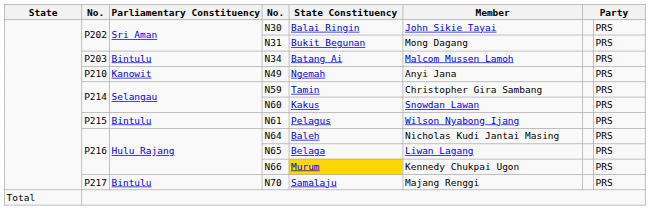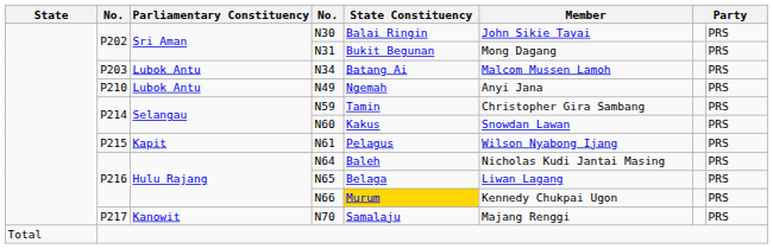 <table class="wikitable sortable">
 <tr>
 <th style="width:100px">State</th>
 <th>No.</th>
 <th>Parliamentary Constituency</th>
 <th style="width:30px">No.</th>
 <th style="width:150px">State Constituency</th>
 <th style="width:240px">Member</th>
 <th colspan="2" style="width:80px">Party</th>
 </tr>
 <tr>
 <td rowspan="11"></td>
 <td rowspan="2">P202</td>
 <td rowspan="2"><a href='#'>Sri Aman</a></td>
 <td>N30</td>
 <td><a href='#'>Balai Ringin</a></td>
 <td><a href='#'>John Sikie Tayai</a></td>
 <td bgcolor=></td>
 <td>PRS</td>
 </tr>
 <tr>
 <td>N31</td>
 <td><a href='#'>Bukit Begunan</a></td>
 <td>Mong Dagang</td>
 <td bgcolor=></td>
 <td>PRS</td>
 </tr>
 <tr>
 <td>P203</td>
-<td><a href='#'>Bintulu</a></td>
+<td><a href='#'>Lubok Antu</a></td>
 <td>N34</td>
 <td><a href='#'>Batang Ai</a></td>
 <td><a href='#'>Malcom Mussen Lamoh</a></td>
 <td bgcolor=></td>
 <td>PRS</td>
 </tr>
 <tr>
 <td>P210</td>
-<td><a href='#'>Kanowit</a></td>
+<td><a href='#'>Lubok Antu</a></td>
 <td>N49</td>
 <td><a href='#'>Ngemah</a></td>
 <td>Anyi Jana</td>
 <td bgcolor=></td>
 <td>PRS</td>
 </tr>
 <tr>
 <td rowspan="2">P214</td>
 <td rowspan="2"><a href='#'>Selangau</a></td>
 <td>N59</td>
 <td><a href='#'>Tamin</a></td>
 <td>Christopher Gira Sambang</td>
 <td bgcolor=></td>
 <td>PRS</td>
 </tr>
 <tr>
 <td>N60</td>
 <td><a href='#'>Kakus</a></td>
 <td><a href='#'>Snowdan Lawan</a></td>
 <td bgcolor=></td>
 <td>PRS</td>
 </tr>
 <tr>
 <td>P215</td>
-<td><a href='#'>Bintulu</a></td>
+<td><a href='#'>Kapit</a></td>
 <td>N61</td>
 <td><a href='#'>Pelagus</a></td>
 <td><a href='#'>Wilson Nyabong Ijang</a></td>
 <td bgcolor=></td>
 <td>PRS</td>
 </tr>
 <tr>
 <td rowspan="3">P216</td>
 <td rowspan="3"><a href='#'>Hulu Rajang</a></td>
 <td>N64</td>
 <td><a href='#'>Baleh</a></td>
 <td>Nicholas Kudi Jantai Masing</td>
 <td bgcolor=></td>
 <td>PRS</td>
 </tr>
 <tr>
 <td>N65</td>
 <td><a href='#'>Belaga</a></td>
 <td><a href='#'>Liwan Lagang</a></td>
 <td bgcolor=></td>
 <td>PRS</td>
 </tr>
 <tr>
 <td>N66</td>
 <td style="background: gold;"><a href='#'>Murum</a></td>
 <td>Kennedy Chukpai Ugon</td>
 <td bgcolor=></td>
 <td>PRS</td>
 </tr>
 <tr>
 <td>P217</td>
-<td><a href='#'>Bintulu</a></td>
+<td><a href='#'>Kanowit</a></td>
 <td>N70</td>
 <td><a href='#'>Samalaju</a></td>
 <td>Majang Renggi</td>
 <td bgcolor=></td>
 <td>PRS</td>
 </tr>
 <tr>
 <td>Total</td>
 <td colspan="7"></td>
 </tr>
 </table>
